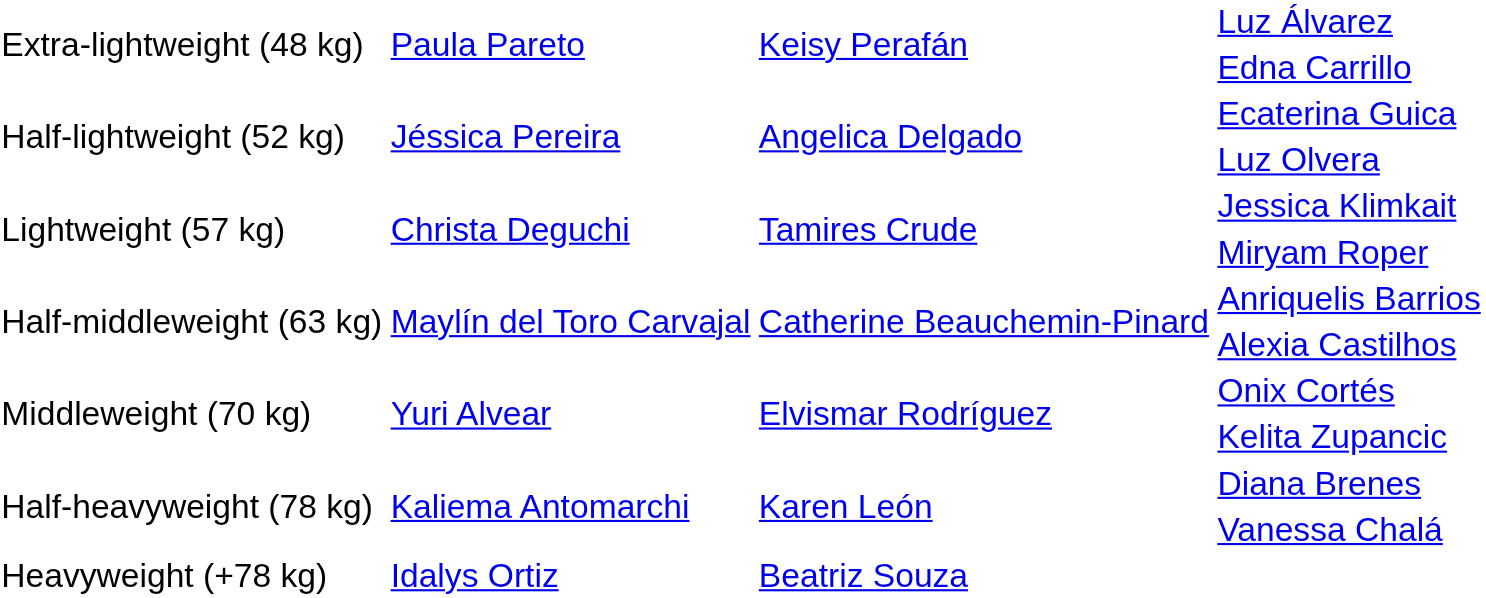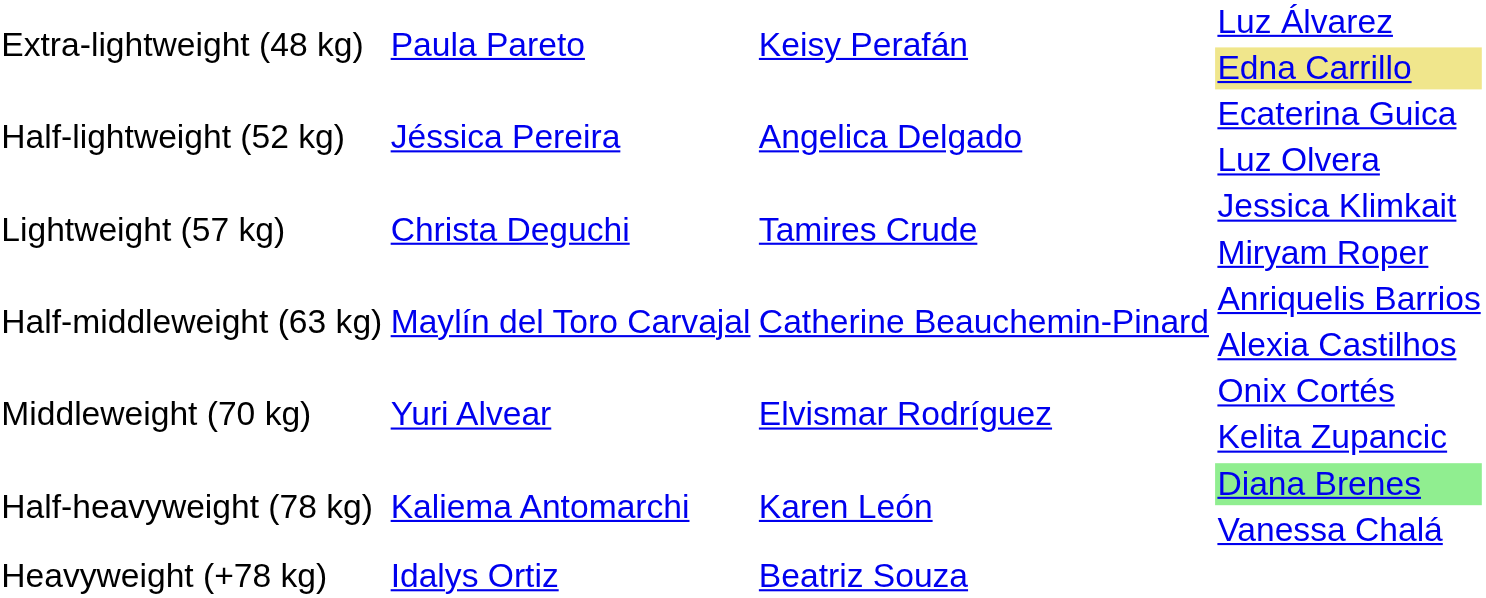 <table>
 <tr>
 <td rowspan=2>Extra-lightweight (48 kg)</td>
 <td rowspan=2><a href='#'>Paula Pareto</a><br></td>
 <td rowspan=2><a href='#'>Keisy Perafán</a><br></td>
 <td><a href='#'>Luz Álvarez</a><br></td>
 </tr>
 <tr>
-<td><a href='#'>Edna Carrillo</a><br></td>
+<td style="background: khaki;"><a href='#'>Edna Carrillo</a><br></td>
 </tr>
 <tr>
 <td rowspan=2>Half-lightweight (52 kg)</td>
 <td rowspan=2><a href='#'>Jéssica Pereira</a><br></td>
 <td rowspan=2><a href='#'>Angelica Delgado</a><br></td>
 <td><a href='#'>Ecaterina Guica</a><br></td>
 </tr>
 <tr>
 <td><a href='#'>Luz Olvera</a><br></td>
 </tr>
 <tr>
 <td rowspan=2>Lightweight (57 kg)</td>
 <td rowspan=2><a href='#'>Christa Deguchi</a><br></td>
 <td rowspan=2><a href='#'>Tamires Crude</a><br></td>
 <td><a href='#'>Jessica Klimkait</a><br></td>
 </tr>
 <tr>
 <td><a href='#'>Miryam Roper</a><br></td>
 </tr>
 <tr>
 <td rowspan=2>Half-middleweight (63 kg)</td>
 <td rowspan=2><a href='#'>Maylín del Toro Carvajal</a><br></td>
 <td rowspan=2><a href='#'>Catherine Beauchemin-Pinard</a><br></td>
 <td><a href='#'>Anriquelis Barrios</a><br></td>
 </tr>
 <tr>
 <td><a href='#'>Alexia Castilhos</a><br></td>
 </tr>
 <tr>
 <td rowspan=2>Middleweight (70 kg)</td>
 <td rowspan=2><a href='#'>Yuri Alvear</a><br></td>
 <td rowspan=2><a href='#'>Elvismar Rodríguez</a><br></td>
 <td><a href='#'>Onix Cortés</a><br></td>
 </tr>
 <tr>
 <td><a href='#'>Kelita Zupancic</a><br></td>
 </tr>
 <tr>
 <td rowspan=2>Half-heavyweight (78 kg)</td>
 <td rowspan=2><a href='#'>Kaliema Antomarchi</a><br></td>
 <td rowspan=2><a href='#'>Karen León</a><br></td>
-<td><a href='#'>Diana Brenes</a><br></td>
+<td style="background: lightgreen;"><a href='#'>Diana Brenes</a><br></td>
 </tr>
 <tr>
 <td><a href='#'>Vanessa Chalá</a><br></td>
 </tr>
 <tr>
 <td rowspan=2>Heavyweight (+78 kg)</td>
 <td rowspan=2><a href='#'>Idalys Ortiz</a><br></td>
 <td rowspan=2><a href='#'>Beatriz Souza</a><br></td>
 <td rowspan=2></td>
 </tr>
 </table>
